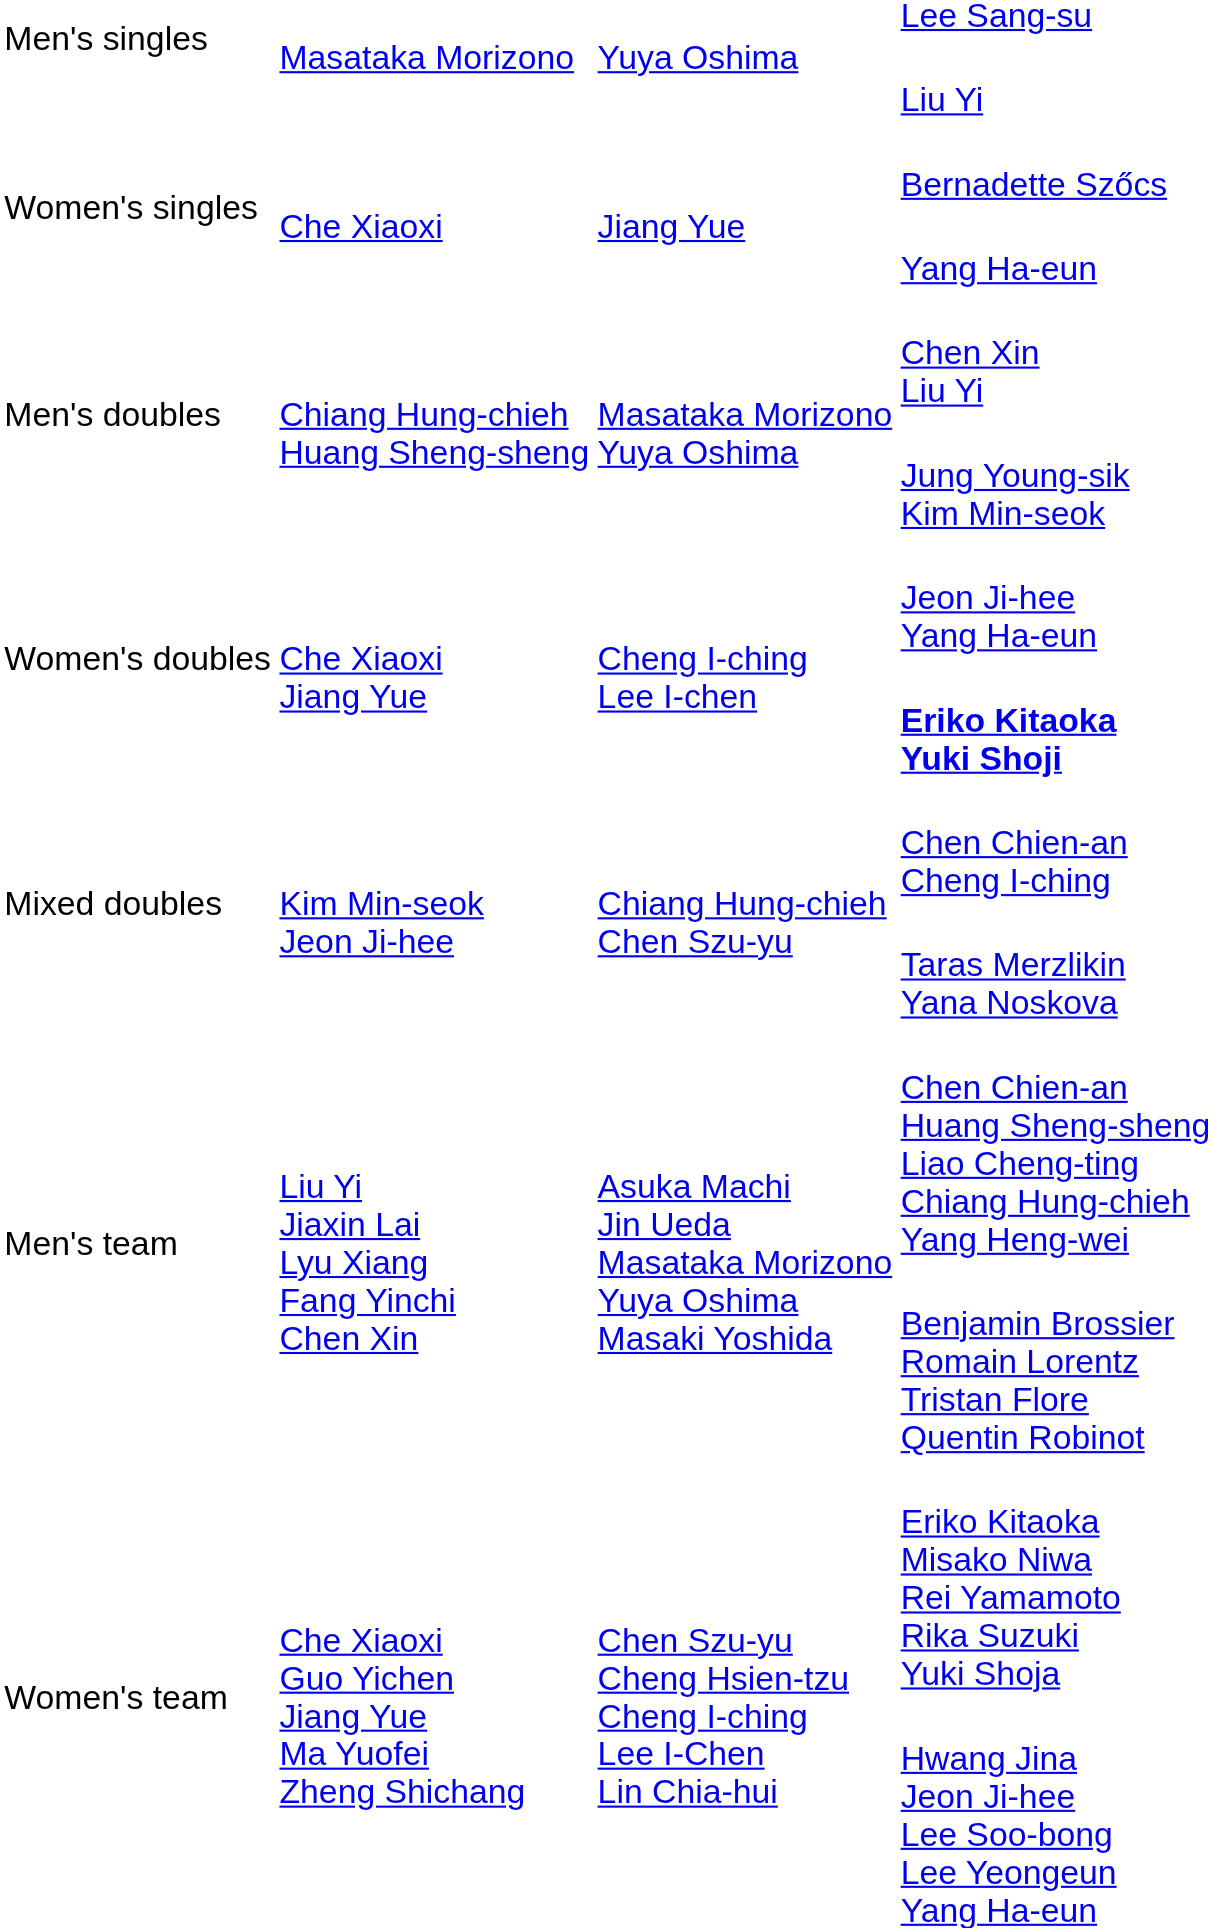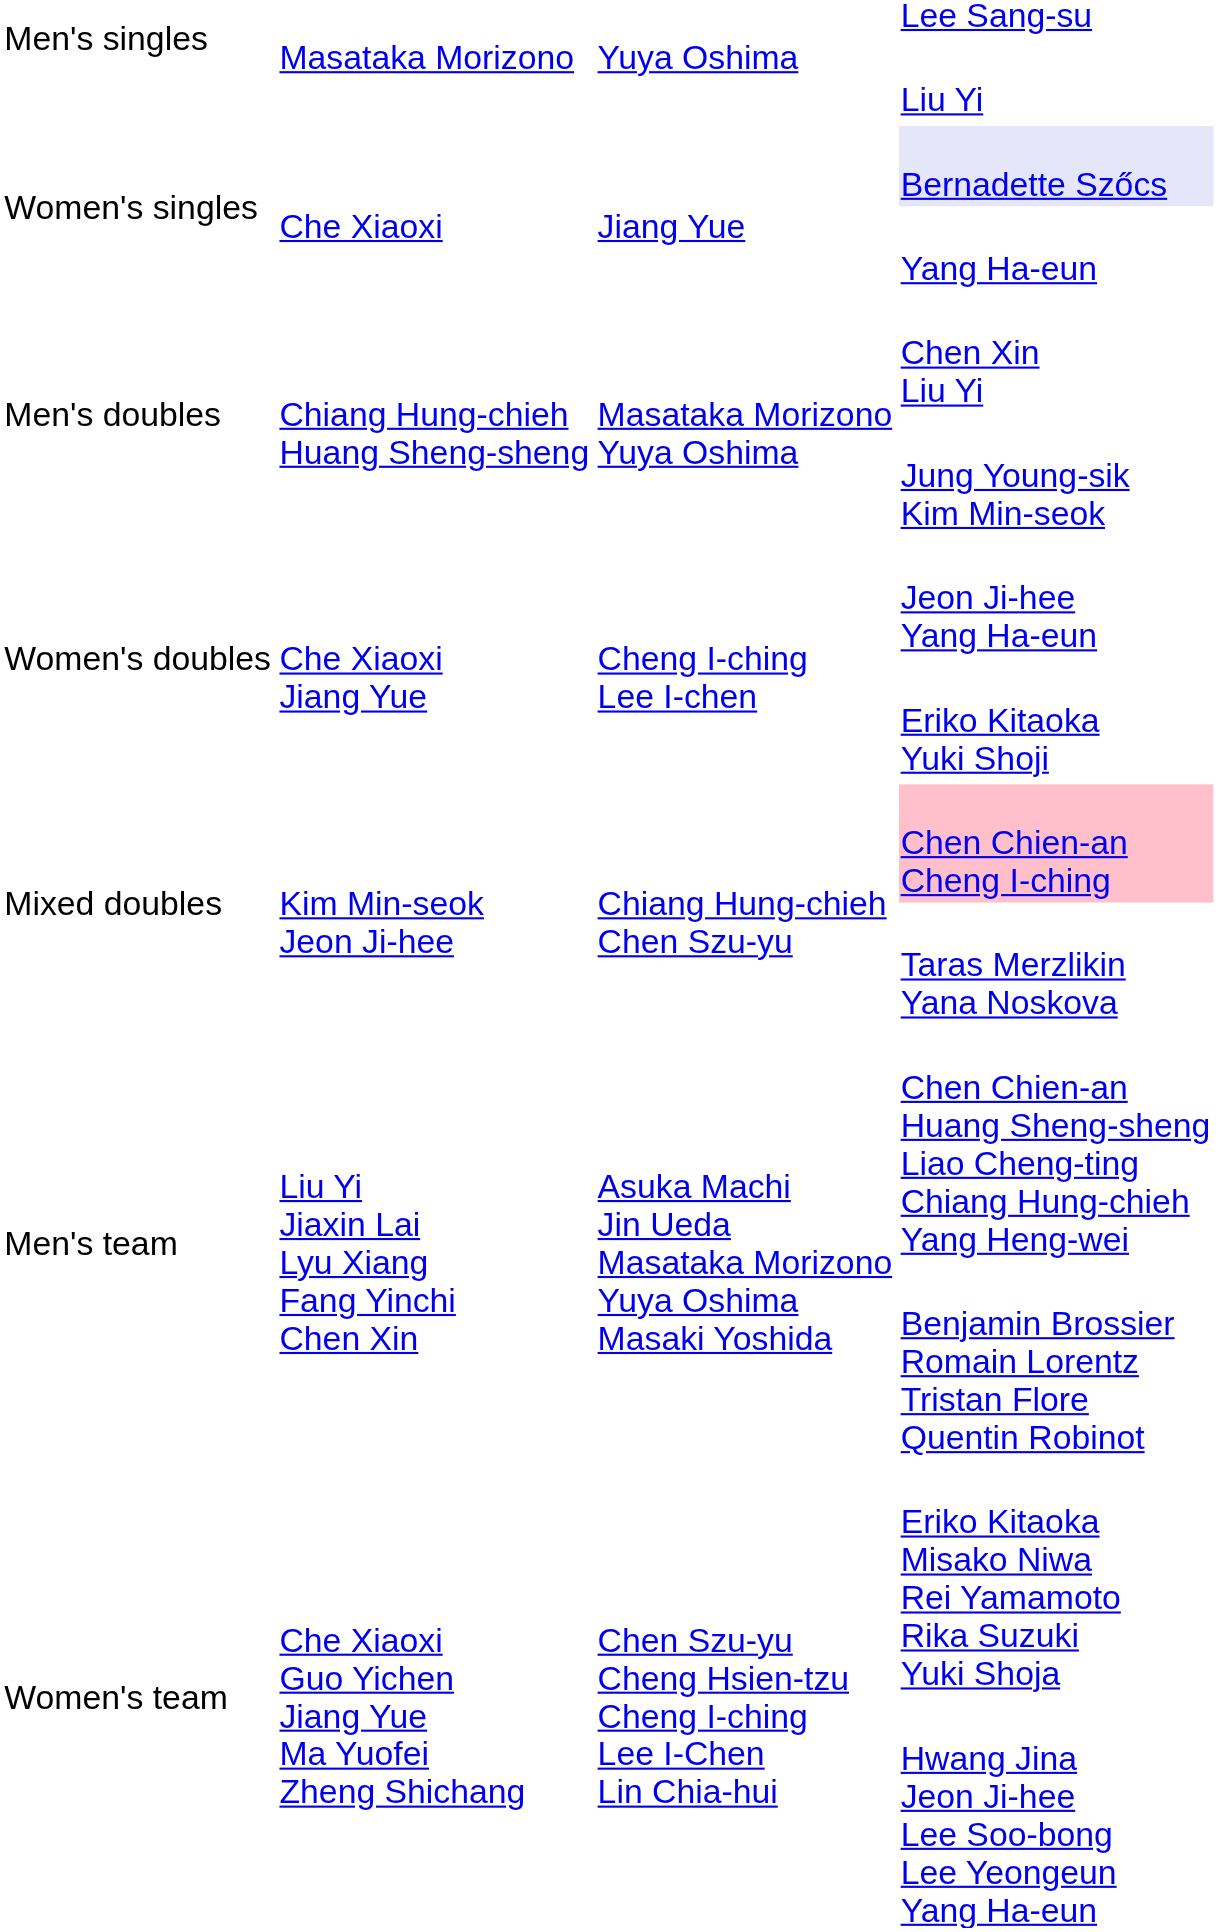 <table>
 <tr>
 <td rowspan=2>Men's singles<br></td>
 <td rowspan=2><br><a href='#'>Masataka Morizono</a></td>
 <td rowspan=2><br><a href='#'>Yuya Oshima</a></td>
 <td><br><a href='#'>Lee Sang-su</a></td>
 </tr>
 <tr>
 <td><br><a href='#'>Liu Yi</a></td>
 </tr>
 <tr>
 <td rowspan=2>Women's singles<br></td>
 <td rowspan=2><br><a href='#'>Che Xiaoxi</a></td>
 <td rowspan=2><br><a href='#'>Jiang Yue</a></td>
-<td><br><a href='#'>Bernadette Szőcs</a></td>
+<td style="background: lavender;"><br><a href='#'>Bernadette Szőcs</a></td>
 </tr>
 <tr>
 <td><br><a href='#'>Yang Ha-eun</a></td>
 </tr>
 <tr>
 <td rowspan=2>Men's doubles<br></td>
 <td rowspan=2><br><a href='#'>Chiang Hung-chieh</a><br>   <a href='#'>Huang Sheng-sheng</a></td>
 <td rowspan=2><br><a href='#'>Masataka Morizono</a> <br><a href='#'>Yuya Oshima</a></td>
 <td><br><a href='#'>Chen Xin</a> <br><a href='#'>Liu Yi</a></td>
 </tr>
 <tr>
 <td><br><a href='#'>Jung Young-sik</a> <br><a href='#'>Kim Min-seok</a></td>
 </tr>
 <tr>
 <td rowspan=2>Women's doubles<br></td>
 <td rowspan=2><br><a href='#'>Che Xiaoxi</a> <br><a href='#'>Jiang Yue</a></td>
 <td rowspan=2><br><a href='#'>Cheng I-ching</a> <br><a href='#'>Lee I-chen</a></td>
 <td><br><a href='#'>Jeon Ji-hee</a> <br><a href='#'>Yang Ha-eun</a></td>
 </tr>
 <tr>
-<td><strong><br><a href='#'>Eriko Kitaoka</a> <br><a href='#'>Yuki Shoji</a></strong></td>
+<td><br><a href='#'>Eriko Kitaoka</a> <br><a href='#'>Yuki Shoji</a></td>
 </tr>
 <tr>
 <td rowspan=2>Mixed doubles<br></td>
 <td rowspan=2><br><a href='#'>Kim Min-seok</a> <br><a href='#'>Jeon Ji-hee</a></td>
 <td rowspan=2><br><a href='#'>Chiang Hung-chieh</a> <br><a href='#'>Chen Szu-yu</a></td>
-<td><br><a href='#'>Chen Chien-an</a> <br><a href='#'>Cheng I-ching</a></td>
+<td style="background: pink;"><br><a href='#'>Chen Chien-an</a> <br><a href='#'>Cheng I-ching</a></td>
 </tr>
 <tr>
 <td><br><a href='#'>Taras Merzlikin</a> <br><a href='#'>Yana Noskova</a></td>
 </tr>
 <tr>
 <td rowspan=2>Men's team<br></td>
 <td rowspan=2><br><a href='#'>Liu Yi</a> <br><a href='#'>Jiaxin Lai</a><br><a href='#'>Lyu Xiang</a><br><a href='#'>Fang Yinchi</a><br><a href='#'>Chen Xin</a></td>
 <td rowspan=2><br><a href='#'>Asuka Machi</a> <br><a href='#'>Jin Ueda</a><br><a href='#'>Masataka Morizono</a><br><a href='#'>Yuya Oshima</a><br><a href='#'>Masaki Yoshida</a></td>
 <td><br><a href='#'>Chen Chien-an</a> <br><a href='#'>Huang Sheng-sheng</a><br><a href='#'>Liao Cheng-ting</a><br><a href='#'>Chiang Hung-chieh</a><br><a href='#'>Yang Heng-wei</a></td>
 </tr>
 <tr>
 <td><br><a href='#'>Benjamin Brossier</a> <br><a href='#'>Romain Lorentz</a><br><a href='#'>Tristan Flore</a><br><a href='#'>Quentin Robinot</a></td>
 </tr>
 <tr>
 <td rowspan=2>Women's team<br></td>
 <td rowspan=2><br><a href='#'>Che Xiaoxi</a> <br><a href='#'>Guo Yichen</a><br><a href='#'>Jiang Yue</a><br><a href='#'>Ma Yuofei</a><br><a href='#'>Zheng Shichang</a></td>
 <td rowspan=2><br><a href='#'>Chen Szu-yu</a> <br><a href='#'>Cheng Hsien-tzu</a><br><a href='#'>Cheng I-ching</a><br><a href='#'>Lee I-Chen</a> <br><a href='#'>Lin Chia-hui</a></td>
 <td><br><a href='#'>Eriko Kitaoka</a> <br><a href='#'>Misako Niwa</a><br><a href='#'>Rei Yamamoto</a><br><a href='#'>Rika Suzuki</a><br><a href='#'>Yuki Shoja</a></td>
 </tr>
 <tr>
 <td><br><a href='#'>Hwang Jina</a> <br><a href='#'>Jeon Ji-hee</a><br><a href='#'>Lee Soo-bong</a><br><a href='#'>Lee Yeongeun</a><br><a href='#'>Yang Ha-eun</a></td>
 </tr>
 </table>
